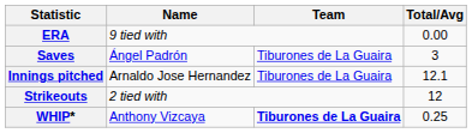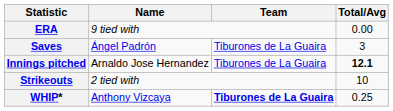 <table class="wikitable plainrowheaders">
 <tr>
 <th scope="col">Statistic</th>
 <th scope="col">Name</th>
 <th>Team</th>
 <th scope="col">Total/Avg</th>
 </tr>
 <tr>
 <th scope="row"><a href='#'>ERA</a></th>
 <td colspan="2"><em>9 tied with</em></td>
 <td align=center>0.00</td>
 </tr>
 <tr>
 <th scope="row"><a href='#'>Saves</a></th>
 <td> <a href='#'>Ángel Padrón</a></td>
 <td> <a href='#'>Tiburones de La Guaira</a></td>
 <td align="center">3</td>
 </tr>
 <tr>
 <th scope="row"><a href='#'>Innings pitched</a></th>
 <td> 	Arnaldo Jose Hernandez</td>
 <td> <a href='#'>Tiburones de La Guaira</a></td>
-<td align="center">12.1</td>
+<td align="center"><strong>12.1</strong></td>
 </tr>
 <tr>
 <th scope="row"><a href='#'>Strikeouts</a></th>
 <td colspan="2"><em>2 tied with</em></td>
-<td align=center>12</td>
+<td align=center>10</td>
 </tr>
 <tr>
 <th scope="row"><a href='#'>WHIP</a>*</th>
 <td> <a href='#'>Anthony Vizcaya</a></td>
 <td><strong> <a href='#'>Tiburones de La Guaira</a></strong></td>
 <td align="center">0.25</td>
 </tr>
 </table>
